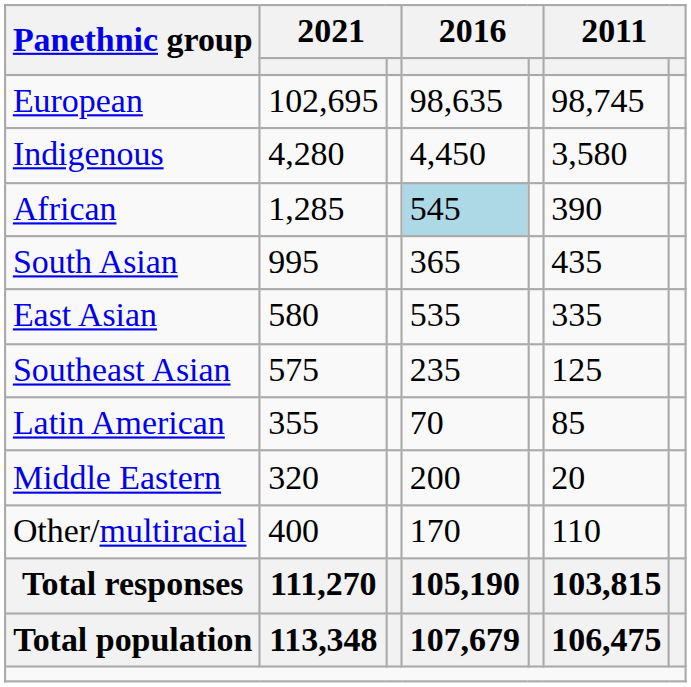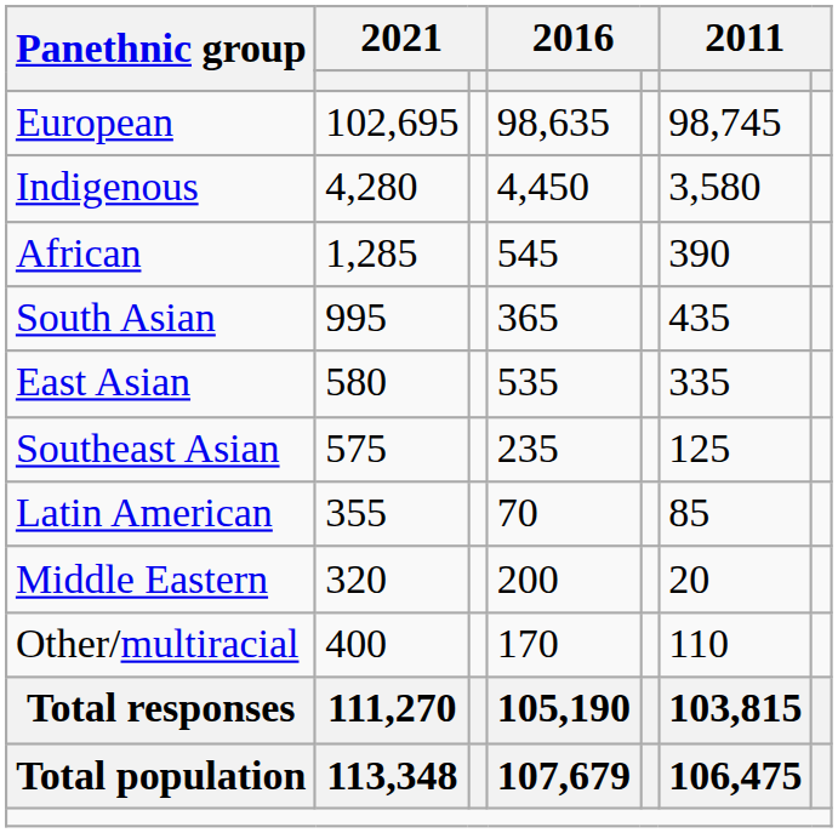 <table class="wikitable collapsible sortable">
 <tr>
 <th rowspan="2"><a href='#'>Panethnic</a> group</th>
 <th colspan="2">2021</th>
 <th colspan="2">2016</th>
 <th colspan="2">2011</th>
 </tr>
 <tr>
 <th><a href='#'></a></th>
 <th></th>
 <th></th>
 <th></th>
 <th></th>
 <th></th>
 </tr>
 <tr>
 <td><a href='#'>European</a></td>
 <td>102,695</td>
 <td></td>
 <td>98,635</td>
 <td></td>
 <td>98,745</td>
 <td></td>
 </tr>
 <tr>
 <td><a href='#'>Indigenous</a></td>
 <td>4,280</td>
 <td></td>
 <td>4,450</td>
 <td></td>
 <td>3,580</td>
 <td></td>
 </tr>
 <tr>
 <td><a href='#'>African</a></td>
 <td>1,285</td>
 <td></td>
-<td style="background: lightblue;">545</td>
+<td>545</td>
 <td></td>
 <td>390</td>
 <td></td>
 </tr>
 <tr>
 <td><a href='#'>South Asian</a></td>
 <td>995</td>
 <td></td>
 <td>365</td>
 <td></td>
 <td>435</td>
 <td></td>
 </tr>
 <tr>
 <td><a href='#'>East Asian</a></td>
 <td>580</td>
 <td></td>
 <td>535</td>
 <td></td>
 <td>335</td>
 <td></td>
 </tr>
 <tr>
 <td><a href='#'>Southeast Asian</a></td>
 <td>575</td>
 <td></td>
 <td>235</td>
 <td></td>
 <td>125</td>
 <td></td>
 </tr>
 <tr>
 <td><a href='#'>Latin American</a></td>
 <td>355</td>
 <td></td>
 <td>70</td>
 <td></td>
 <td>85</td>
 <td></td>
 </tr>
 <tr>
 <td><a href='#'>Middle Eastern</a></td>
 <td>320</td>
 <td></td>
 <td>200</td>
 <td></td>
 <td>20</td>
 <td></td>
 </tr>
 <tr>
 <td>Other/<a href='#'>multiracial</a></td>
 <td>400</td>
 <td></td>
 <td>170</td>
 <td></td>
 <td>110</td>
 <td></td>
 </tr>
 <tr>
 <th>Total responses</th>
 <th>111,270</th>
 <th></th>
 <th>105,190</th>
 <th></th>
 <th>103,815</th>
 <th></th>
 </tr>
 <tr class="sortbottom">
 <th>Total population</th>
 <th>113,348</th>
 <th></th>
 <th>107,679</th>
 <th></th>
 <th>106,475</th>
 <th></th>
 </tr>
 <tr class="sortbottom">
 <td colspan="15"></td>
 </tr>
 </table>
